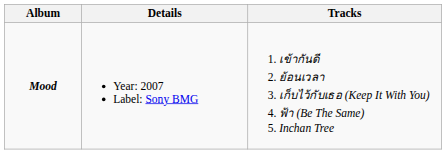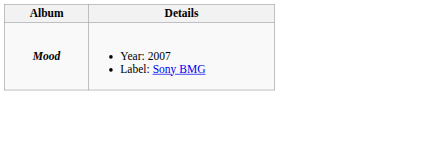 <table class="wikitable">
 <tr>
 <th width="110px">Album</th>
 <th width="250px">Details</th>
-<th width="295px">Tracks</th>
 </tr>
 <tr>
 <td align="center"><strong><em>Mood</em></strong></td>
 <td><br><ul><li>Year: 2007</li><li>Label: <a href='#'>Sony BMG</a></li></ul></td>
-<td><br><ol><li><em>เข้ากันดี</em></li><li><em>ย้อนเวลา</em></li><li><em>เก็บไว้กับเธอ (Keep It With You)</em></li><li><em>ฟ้า (Be The Same)</em></li><li><em>Inchan Tree</em></li></ol></td>
 </tr>
 </table>
